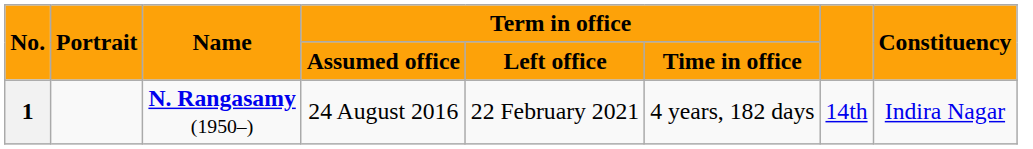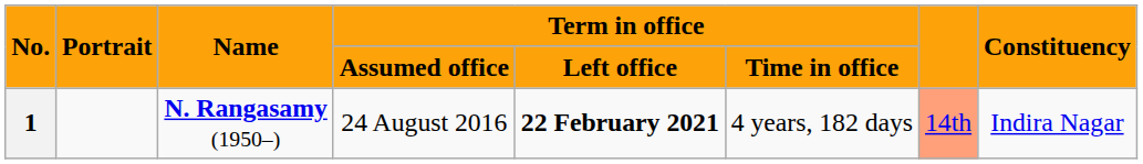 <table class="wikitable sortable" style="text-align:center;">
 <tr>
 <th rowspan=2 style="background-color:#FDA209;color:black">No.</th>
 <th rowspan=2 style="background-color:#FDA209;color:black">Portrait</th>
 <th rowspan=2 style="background-color:#FDA209;color:black">Name<br></th>
 <th colspan=3 style="background-color:#FDA209;color:black">Term in office</th>
 <th rowspan=2 style="background-color:#FDA209;color:black"><a href='#'></a><br></th>
 <th rowspan=2 style="background-color:#FDA209;color:black">Constituency</th>
 </tr>
 <tr>
 <th style="background-color:#FDA209;color:black">Assumed office</th>
 <th style="background-color:#FDA209;color:black">Left office</th>
 <th style="background-color:#FDA209;color:black">Time in office</th>
 </tr>
 <tr>
 <th>1</th>
 <td></td>
 <td><strong><a href='#'>N. Rangasamy</a></strong><br><small>(1950–)</small></td>
 <td>24 August 2016</td>
-<td>22 February 2021</td>
+<td><strong>22 February 2021</strong></td>
 <td>4 years, 182 days</td>
-<td><a href='#'>14th</a><br></td>
+<td style="background: lightsalmon;"><a href='#'>14th</a><br></td>
 <td><a href='#'>Indira Nagar</a></td>
 </tr>
 </table>
